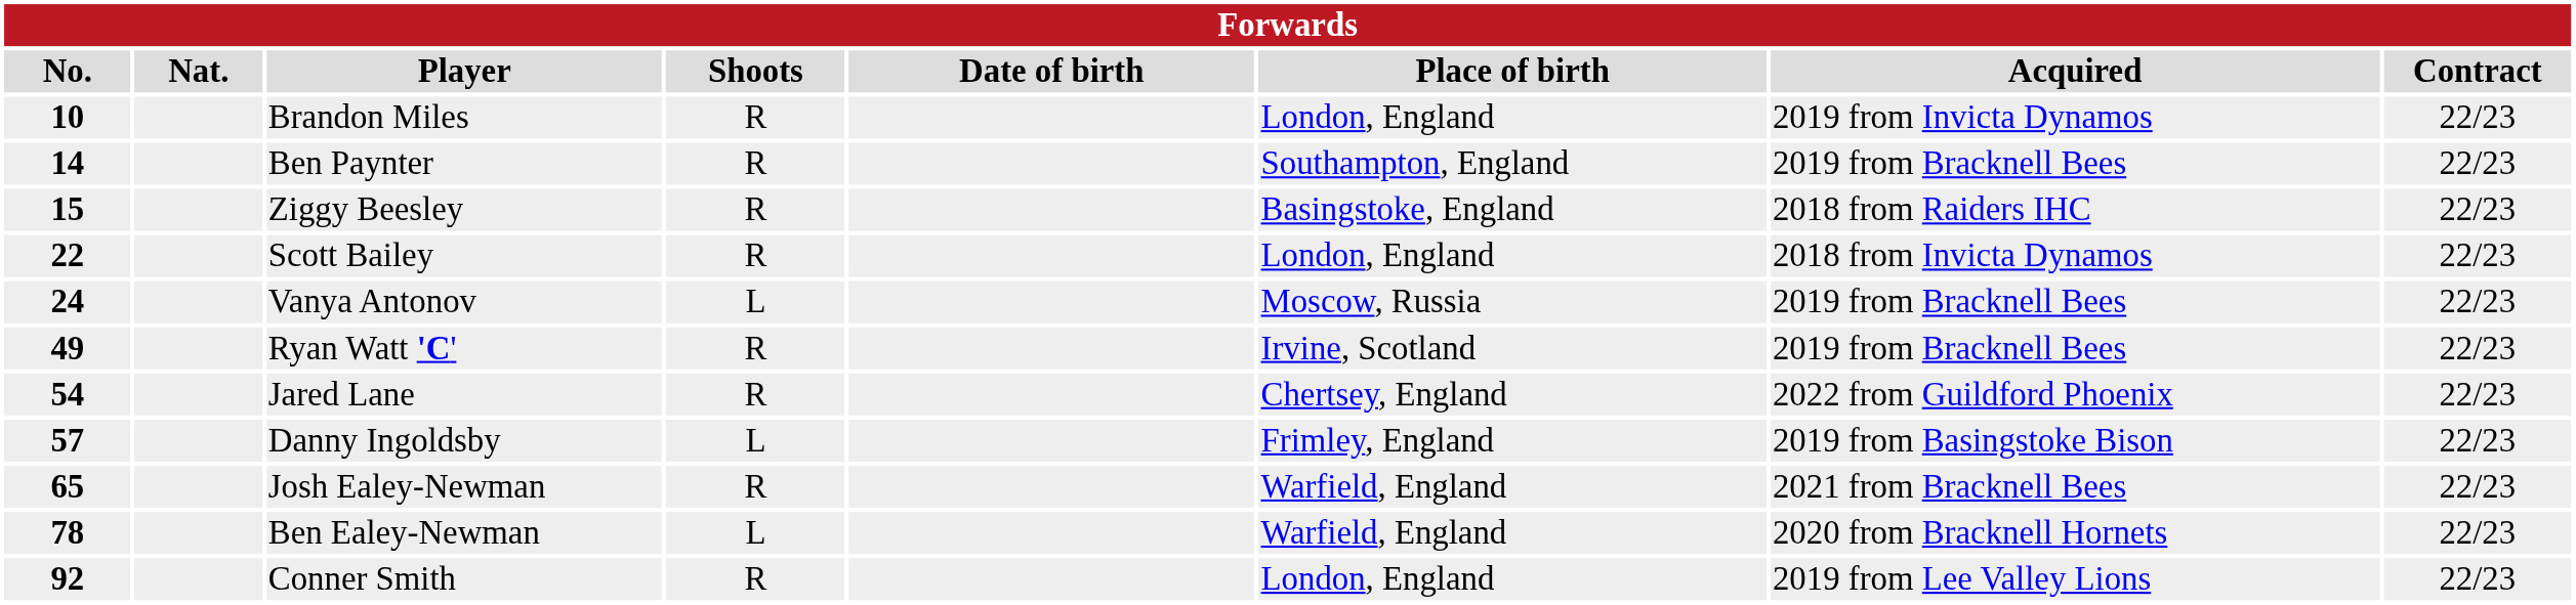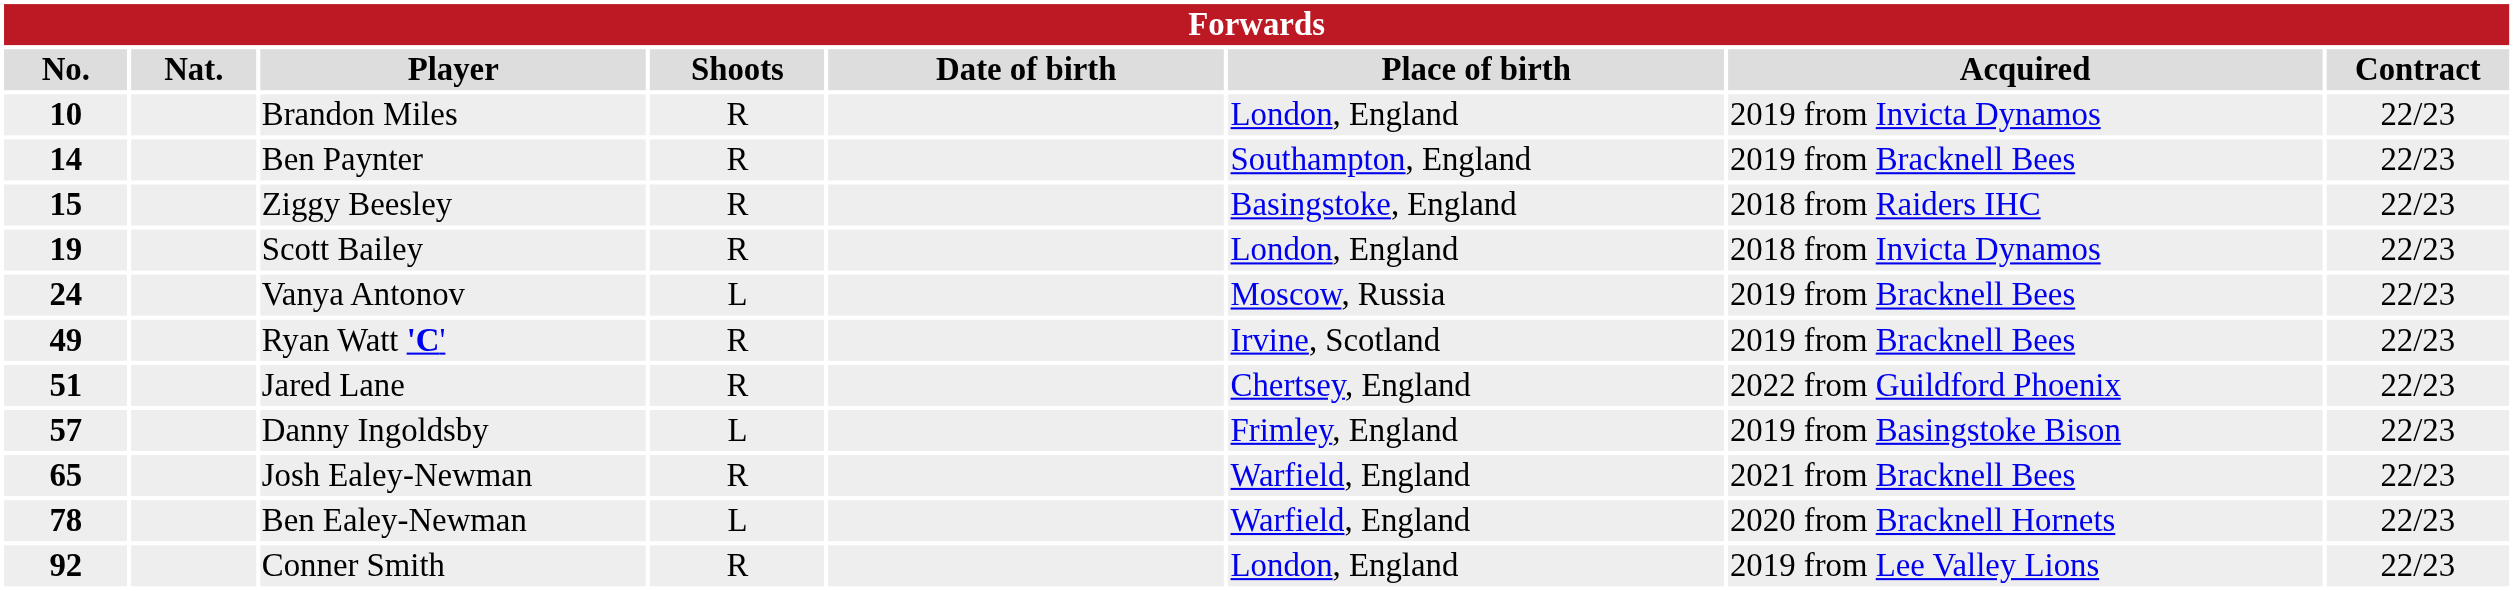 <table class="toccolours"  style="width:97%; clear:both; margin:1.5em auto; text-align:center;">
 <tr style="background:#ddd;">
 <th colspan="11" style="background:#bd1924; color:white;”">Forwards</th>
 </tr>
 <tr style="background:#ddd;">
 <th width=5%>No.</th>
 <th width=5%>Nat.</th>
 <th !width=22%>Player</th>
 <th width=7%>Shoots</th>
 <th width=16%>Date of birth</th>
 <th width=20%>Place of birth</th>
 <th width=24%>Acquired</th>
 <td><strong>Contract</strong></td>
 </tr>
 <tr style="background:#eee;">
 <td><strong>10</strong></td>
 <td></td>
 <td align=left>Brandon Miles</td>
 <td>R</td>
 <td align=left></td>
 <td align=left><a href='#'>London</a>, England</td>
 <td align=left>2019 from <a href='#'>Invicta Dynamos</a></td>
 <td>22/23</td>
 </tr>
 <tr style="background:#eee;">
 <td><strong>14</strong></td>
 <td></td>
 <td align=left>Ben Paynter</td>
 <td>R</td>
 <td align=left></td>
 <td align=left><a href='#'>Southampton</a>, England</td>
 <td align=left>2019 from <a href='#'>Bracknell Bees</a></td>
 <td>22/23</td>
 </tr>
 <tr style="background:#eee;">
 <td><strong>15</strong></td>
 <td></td>
 <td align=left>Ziggy Beesley</td>
 <td>R</td>
 <td align=left></td>
 <td align=left><a href='#'>Basingstoke</a>, England</td>
 <td align=left>2018 from <a href='#'>Raiders IHC</a></td>
 <td>22/23</td>
 </tr>
 <tr style="background:#eee;">
-<td><strong>22</strong></td>
+<td><strong>19</strong></td>
 <td></td>
 <td align=left>Scott Bailey</td>
 <td>R</td>
 <td align=left></td>
 <td align=left><a href='#'>London</a>, England</td>
 <td align=left>2018 from <a href='#'>Invicta Dynamos</a></td>
 <td>22/23</td>
 </tr>
 <tr style="background:#eee;">
 <td><strong>24</strong></td>
 <td></td>
 <td align=left>Vanya Antonov</td>
 <td>L</td>
 <td align=left></td>
 <td align=left><a href='#'>Moscow</a>, Russia</td>
 <td align=left>2019 from <a href='#'>Bracknell Bees</a></td>
 <td>22/23</td>
 </tr>
 <tr style="background:#eee;">
 <td><strong>49</strong></td>
 <td></td>
 <td align=left>Ryan Watt <a href='#'><strong>'C</strong>'</a></td>
 <td>R</td>
 <td align=left></td>
 <td align=left><a href='#'>Irvine</a>, Scotland</td>
 <td align=left>2019 from <a href='#'>Bracknell Bees</a></td>
 <td>22/23</td>
 </tr>
 <tr style="background:#eee;">
-<td><strong>54</strong></td>
+<td><strong>51</strong></td>
 <td></td>
 <td align=left>Jared Lane</td>
 <td>R</td>
 <td align=left></td>
 <td align=left><a href='#'>Chertsey</a>, England</td>
 <td align=left>2022 from <a href='#'>Guildford Phoenix</a></td>
 <td>22/23</td>
 </tr>
 <tr style="background:#eee;">
 <td><strong>57</strong></td>
 <td></td>
 <td align=left>Danny Ingoldsby</td>
 <td>L</td>
 <td align=left></td>
 <td align=left><a href='#'>Frimley</a>, England</td>
 <td align=left>2019 from <a href='#'>Basingstoke Bison</a></td>
 <td>22/23</td>
 </tr>
 <tr style="background:#eee;">
 <td><strong>65</strong></td>
 <td></td>
 <td align=left>Josh Ealey-Newman</td>
 <td>R</td>
 <td align=left></td>
 <td align=left><a href='#'>Warfield</a>, England</td>
 <td align=left>2021 from <a href='#'>Bracknell Bees</a></td>
 <td>22/23</td>
 </tr>
 <tr style="background:#eee;">
 <td><strong>78</strong></td>
 <td></td>
 <td align=left>Ben Ealey-Newman</td>
 <td>L</td>
 <td align=left></td>
 <td align=left><a href='#'>Warfield</a>, England</td>
 <td align=left>2020 from <a href='#'>Bracknell Hornets</a></td>
 <td>22/23</td>
 </tr>
 <tr style="background:#eee;">
 <td><strong>92</strong></td>
 <td></td>
 <td align=left>Conner Smith</td>
 <td>R</td>
 <td align=left></td>
 <td align=left><a href='#'>London</a>, England</td>
 <td align=left>2019 from <a href='#'>Lee Valley Lions</a></td>
 <td>22/23</td>
 </tr>
 </table>
